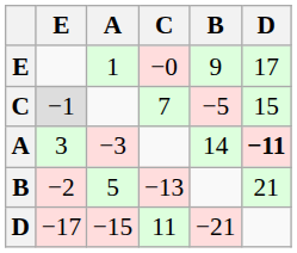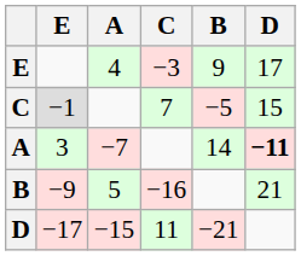 <table class="wikitable" style="text-align:center">
 <tr>
 <th></th>
 <th>E</th>
 <th>A</th>
 <th>C</th>
 <th>B</th>
 <th>D</th>
 </tr>
 <tr>
 <th>E</th>
 <td></td>
-<td style="background:#dfd;">1</td>
-<td style="background:#fdd;">−0</td>
+<td style="background:#dfd;">4</td>
+<td style="background:#fdd;">−3</td>
 <td style="background:#dfd;">9</td>
 <td style="background:#dfd;">17</td>
 </tr>
 <tr>
 <th>C</th>
 <td style="background:#ddd;">−1</td>
 <td></td>
 <td style="background:#dfd;">7</td>
 <td style="background:#fdd;">−5</td>
 <td style="background:#dfd;">15</td>
 </tr>
 <tr>
 <th>A</th>
 <td style="background:#dfd;">3</td>
-<td style="background:#fdd;">−3</td>
+<td style="background:#fdd;">−7</td>
 <td></td>
 <td style="background:#dfd;">14</td>
 <td style="background:#fdd;"><strong>−11</strong></td>
 </tr>
 <tr>
 <th>B</th>
-<td style="background:#fdd;">−2</td>
+<td style="background:#fdd;">−9</td>
 <td style="background:#dfd;">5</td>
-<td style="background:#fdd;">−13</td>
+<td style="background:#fdd;">−16</td>
 <td></td>
 <td style="background:#dfd;">21</td>
 </tr>
 <tr>
 <th>D</th>
 <td style="background:#fdd;">−17</td>
 <td style="background:#fdd;">−15</td>
 <td style="background:#dfd;">11</td>
 <td style="background:#fdd;">−21</td>
 <td></td>
 </tr>
 </table>
